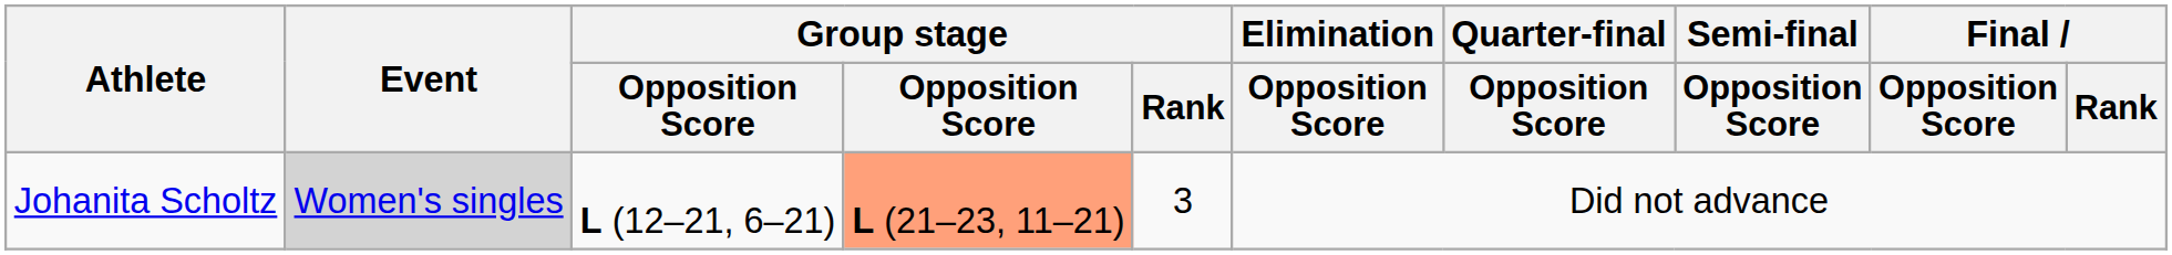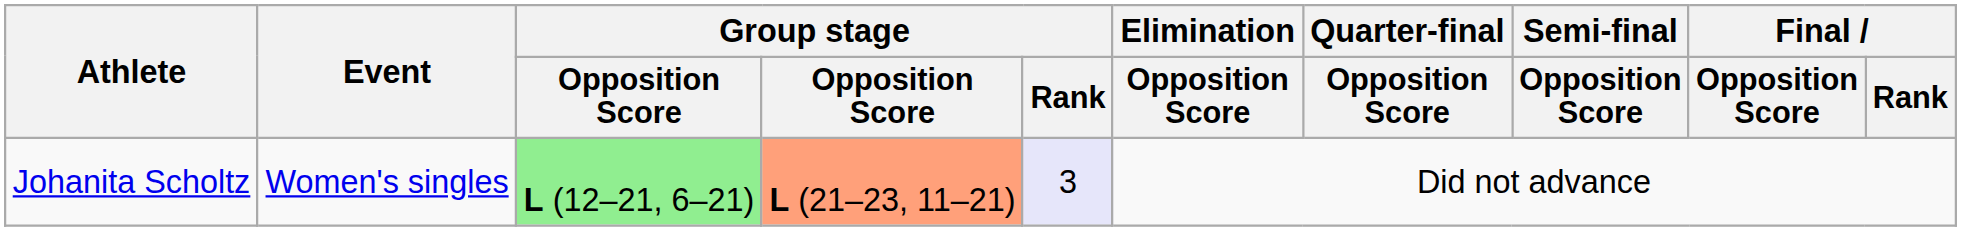 <table class="wikitable" style="font-size:90%">
 <tr>
 <th rowspan="2">Athlete</th>
 <th rowspan="2">Event</th>
 <th colspan="3">Group stage</th>
 <th>Elimination</th>
 <th>Quarter-final</th>
 <th>Semi-final</th>
 <th colspan="2">Final / </th>
 </tr>
 <tr style="font-size:95%">
 <th>Opposition<br>Score</th>
 <th>Opposition<br>Score</th>
 <th>Rank</th>
 <th>Opposition<br>Score</th>
 <th>Opposition<br>Score</th>
 <th>Opposition<br>Score</th>
 <th>Opposition<br>Score</th>
 <th>Rank</th>
 </tr>
 <tr align="center">
 <td align="left"><a href='#'>Johanita Scholtz</a></td>
-<td align="left" style="background: lightgrey;"><a href='#'>Women's singles</a></td>
-<td><br><strong>L</strong> (12–21, 6–21)</td>
+<td align="left"><a href='#'>Women's singles</a></td>
+<td style="background: lightgreen;"><br><strong>L</strong> (12–21, 6–21)</td>
 <td style="background: lightsalmon;"><br><strong>L</strong> (21–23, 11–21)</td>
-<td>3</td>
+<td style="background: lavender;">3</td>
 <td colspan="6">Did not advance</td>
 </tr>
 </table>
